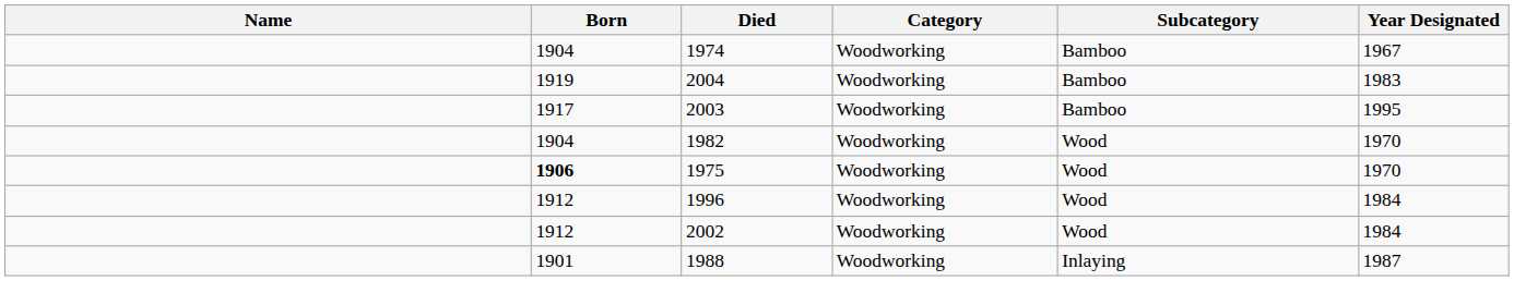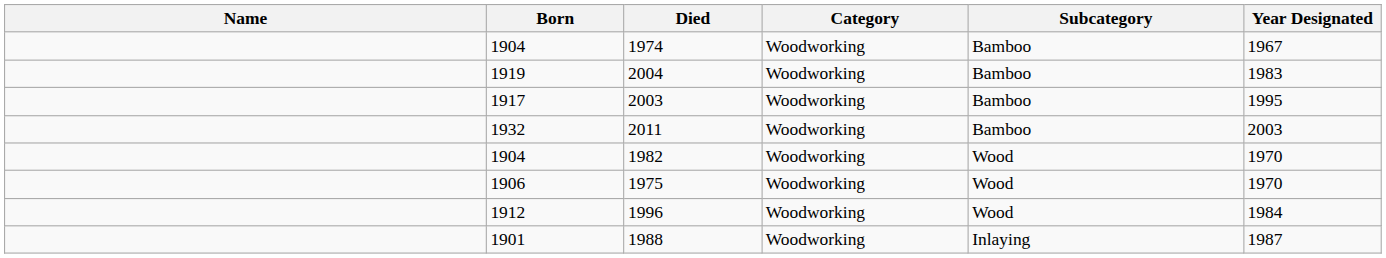 <table class="wikitable sortable"  width="100%" style="backgrōnd:#ffffff;">
 <tr>
 <th width="35%" align="left" style="backgrōnd:#ffdead;">Name</th>
 <th width="10%" align="left" style="backgrōnd:#ffdead;">Born</th>
 <th width="10%" align="left" style="backgrōnd:#ffdead;">Died</th>
 <th width="15%" align="left" style="backgrōnd:#ffdead;">Category</th>
 <th width="20%" align="left" style="backgrōnd:#ffdead;">Subcategory</th>
 <th width="10%" align="left" style="backgrōnd:#ffdead;">Year Designated</th>
 </tr>
 <tr>
 <td></td>
 <td>1904</td>
 <td>1974</td>
 <td>Woodworking</td>
 <td>Bamboo</td>
 <td>1967</td>
 </tr>
 <tr>
 <td></td>
 <td>1919</td>
 <td>2004</td>
 <td>Woodworking</td>
 <td>Bamboo</td>
 <td>1983</td>
 </tr>
 <tr>
 <td></td>
 <td>1917</td>
 <td>2003</td>
 <td>Woodworking</td>
 <td>Bamboo</td>
 <td>1995</td>
 </tr>
 <tr>
 <td></td>
+<td>1932</td>
+<td>2011</td>
+<td>Woodworking</td>
+<td>Bamboo</td>
+<td>2003</td>
+</tr>
+<tr>
+<td></td>
 <td>1904</td>
 <td>1982</td>
 <td>Woodworking</td>
 <td>Wood</td>
 <td>1970</td>
 </tr>
 <tr>
 <td></td>
-<td><strong>1906</strong></td>
+<td>1906</td>
 <td>1975</td>
 <td>Woodworking</td>
 <td>Wood</td>
 <td>1970</td>
 </tr>
 <tr>
 <td></td>
 <td>1912</td>
 <td>1996</td>
 <td>Woodworking</td>
 <td>Wood</td>
 <td>1984</td>
 </tr>
 <tr>
 <td></td>
-<td>1912</td>
-<td>2002</td>
-<td>Woodworking</td>
-<td>Wood</td>
-<td>1984</td>
-</tr>
-<tr>
-<td></td>
 <td>1901</td>
 <td>1988</td>
 <td>Woodworking</td>
 <td>Inlaying</td>
 <td>1987</td>
 </tr>
 </table>
